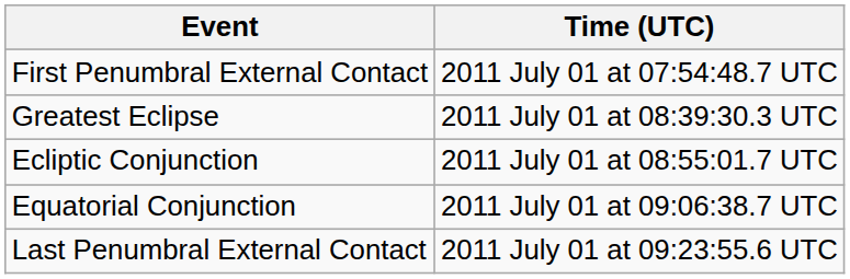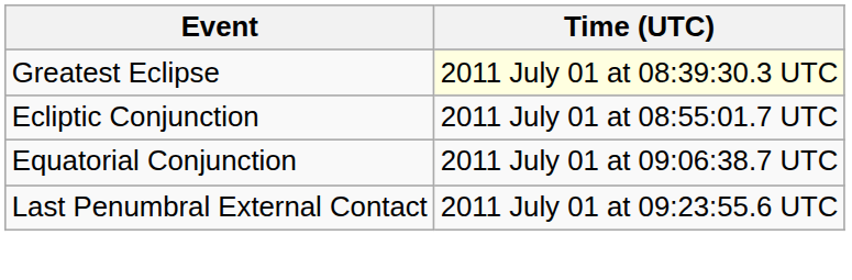 <table class="wikitable">
 <tr>
 <th>Event</th>
 <th>Time (UTC)</th>
 </tr>
 <tr>
-<td>First Penumbral External Contact</td>
-<td>2011 July 01 at 07:54:48.7 UTC</td>
-</tr>
-<tr>
 <td>Greatest Eclipse</td>
-<td>2011 July 01 at 08:39:30.3 UTC</td>
+<td style="background: lightyellow;">2011 July 01 at 08:39:30.3 UTC</td>
 </tr>
 <tr>
 <td>Ecliptic Conjunction</td>
 <td>2011 July 01 at 08:55:01.7 UTC</td>
 </tr>
 <tr>
 <td>Equatorial Conjunction</td>
 <td>2011 July 01 at 09:06:38.7 UTC</td>
 </tr>
 <tr>
 <td>Last Penumbral External Contact</td>
 <td>2011 July 01 at 09:23:55.6 UTC</td>
 </tr>
 </table>
